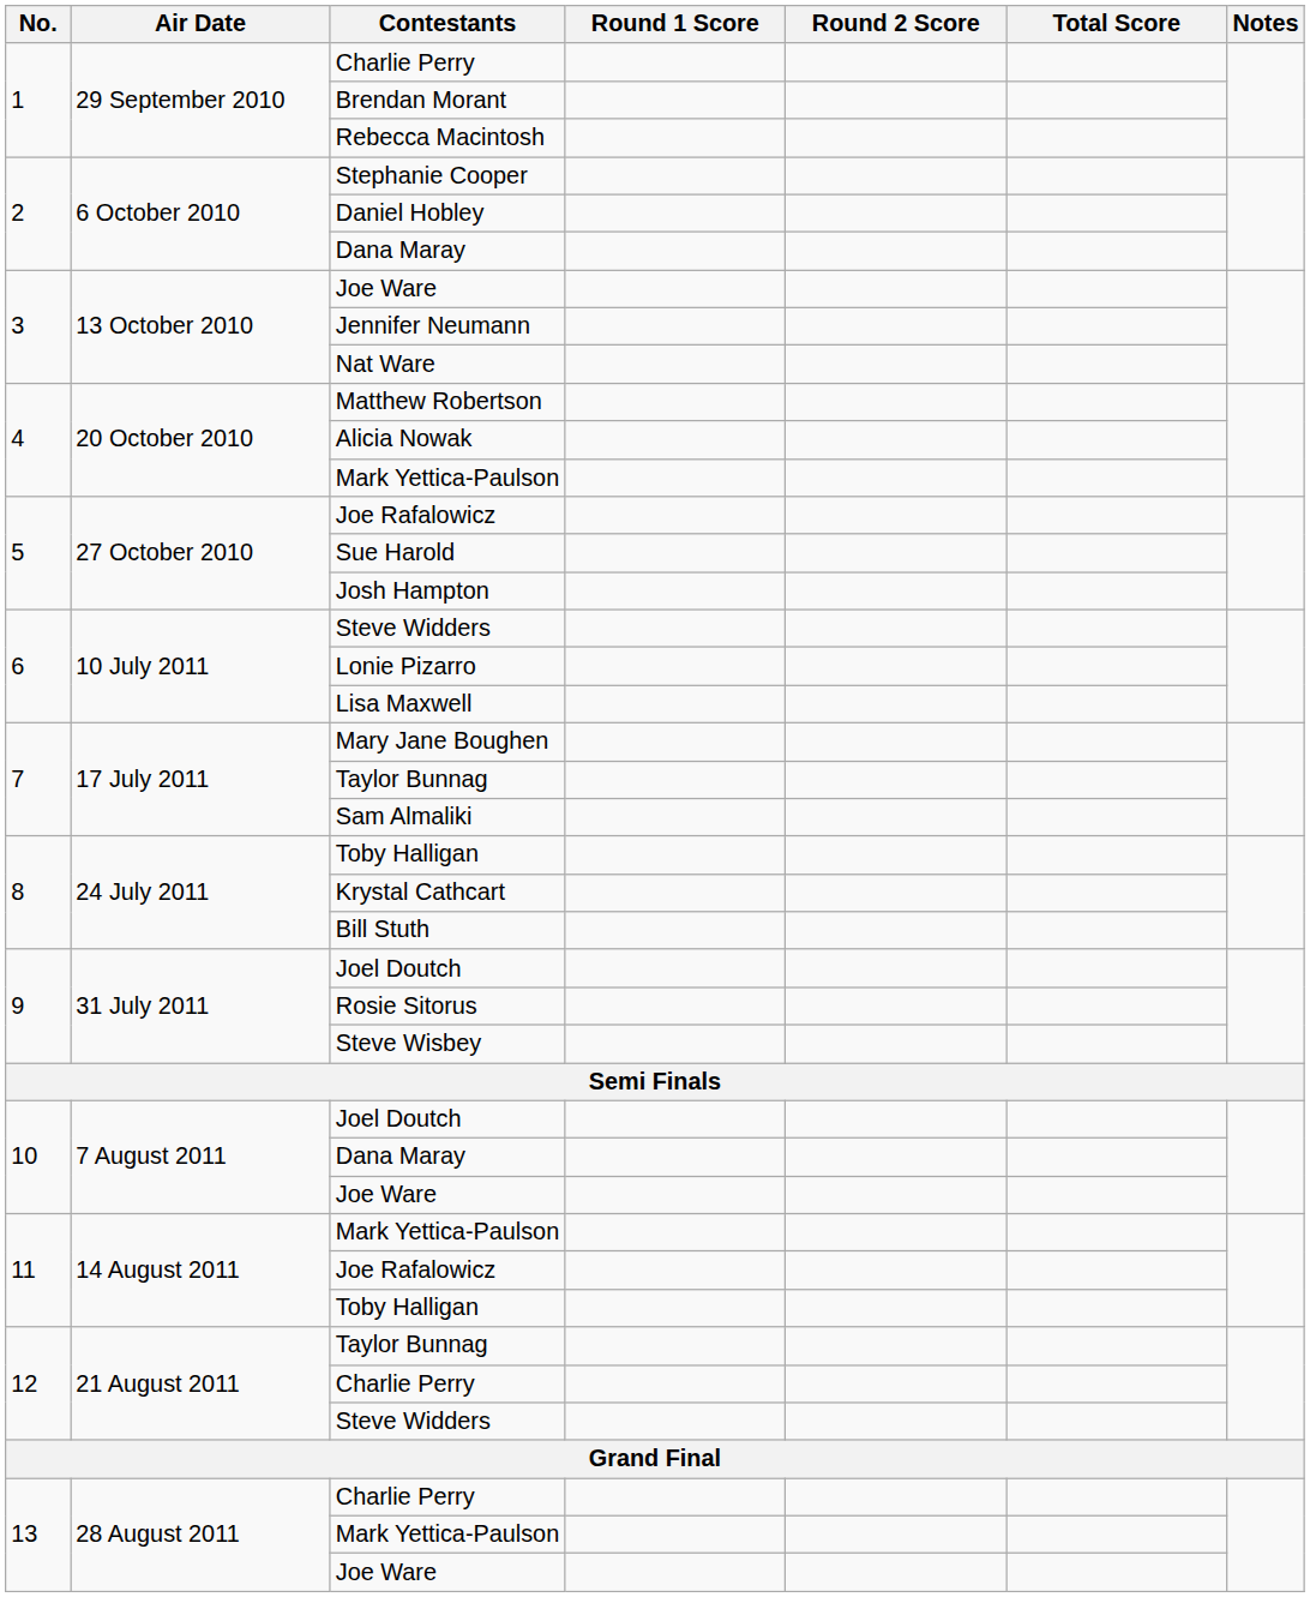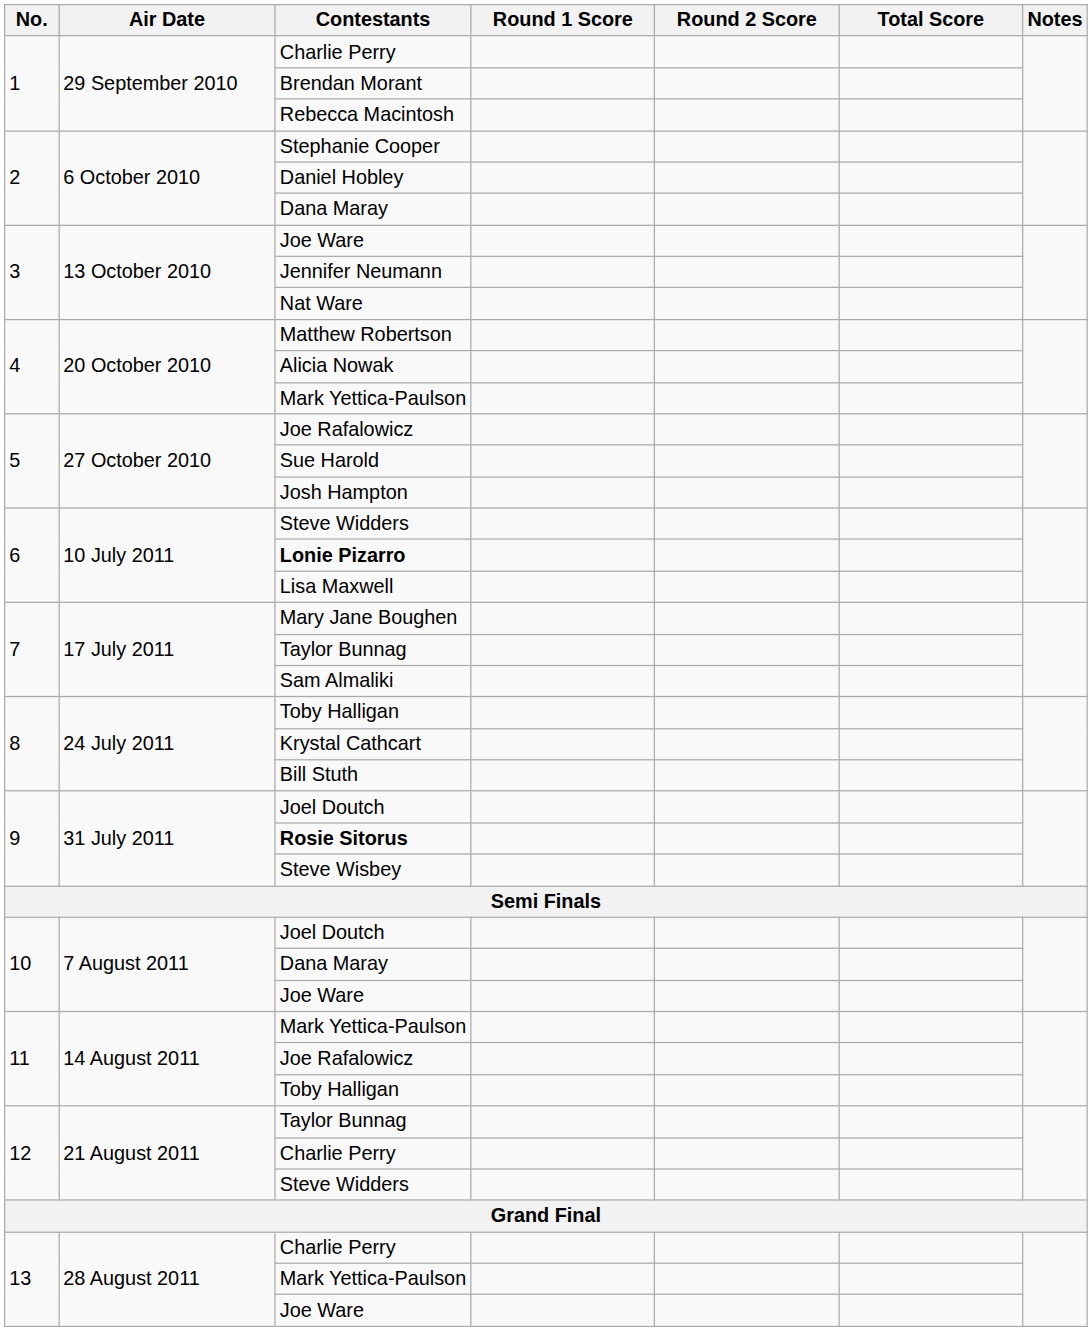 <table class="wikitable">
 <tr>
 <th width="5%">No.</th>
 <th width="20%">Air Date</th>
 <th>Contestants</th>
 <th width="17%">Round 1 Score</th>
 <th width="17%">Round 2 Score</th>
 <th width="17%">Total Score</th>
 <th width="2px">Notes</th>
 </tr>
 <tr>
 <td rowspan="3">1</td>
 <td rowspan="3">29 September 2010</td>
 <td>Charlie Perry</td>
 <td></td>
 <td></td>
 <td></td>
 <td rowspan="3"></td>
 </tr>
 <tr>
 <td>Brendan Morant</td>
 <td></td>
 <td></td>
 <td></td>
 </tr>
 <tr>
 <td>Rebecca Macintosh</td>
 <td></td>
 <td></td>
 <td></td>
 </tr>
 <tr>
 <td rowspan="3">2</td>
 <td rowspan="3">6 October 2010</td>
 <td>Stephanie Cooper</td>
 <td></td>
 <td></td>
 <td></td>
 <td rowspan="3"></td>
 </tr>
 <tr>
 <td>Daniel Hobley</td>
 <td></td>
 <td></td>
 <td></td>
 </tr>
 <tr>
 <td>Dana Maray</td>
 <td></td>
 <td></td>
 <td></td>
 </tr>
 <tr>
 <td rowspan="3">3</td>
 <td rowspan="3">13 October 2010</td>
 <td>Joe Ware</td>
 <td></td>
 <td></td>
 <td></td>
 <td rowspan="3"></td>
 </tr>
 <tr>
 <td>Jennifer Neumann</td>
 <td></td>
 <td></td>
 <td></td>
 </tr>
 <tr>
 <td>Nat Ware</td>
 <td></td>
 <td></td>
 <td></td>
 </tr>
 <tr>
 <td rowspan="3">4</td>
 <td rowspan="3">20 October 2010</td>
 <td>Matthew Robertson</td>
 <td></td>
 <td></td>
 <td></td>
 <td rowspan="3"></td>
 </tr>
 <tr>
 <td>Alicia Nowak</td>
 <td></td>
 <td></td>
 <td></td>
 </tr>
 <tr>
 <td>Mark Yettica-Paulson</td>
 <td></td>
 <td></td>
 <td></td>
 </tr>
 <tr>
 <td rowspan="3">5</td>
 <td rowspan="3">27 October 2010</td>
 <td>Joe Rafalowicz</td>
 <td></td>
 <td></td>
 <td></td>
 <td rowspan="3"></td>
 </tr>
 <tr>
 <td>Sue Harold</td>
 <td></td>
 <td></td>
 <td></td>
 </tr>
 <tr>
 <td>Josh Hampton</td>
 <td></td>
 <td></td>
 <td></td>
 </tr>
 <tr>
 <td rowspan="3">6</td>
 <td rowspan="3">10 July 2011</td>
 <td>Steve Widders</td>
 <td></td>
 <td></td>
 <td></td>
 <td rowspan="3"></td>
 </tr>
 <tr>
-<td>Lonie Pizarro</td>
+<td><strong>Lonie Pizarro</strong></td>
 <td></td>
 <td></td>
 <td></td>
 </tr>
 <tr>
 <td>Lisa Maxwell</td>
 <td></td>
 <td></td>
 <td></td>
 </tr>
 <tr>
 <td rowspan="3">7</td>
 <td rowspan="3">17 July 2011</td>
 <td>Mary Jane Boughen</td>
 <td></td>
 <td></td>
 <td></td>
 <td rowspan="3"></td>
 </tr>
 <tr>
 <td>Taylor Bunnag</td>
 <td></td>
 <td></td>
 <td></td>
 </tr>
 <tr>
 <td>Sam Almaliki</td>
 <td></td>
 <td></td>
 <td></td>
 </tr>
 <tr>
 <td rowspan="3">8</td>
 <td rowspan="3">24 July 2011</td>
 <td>Toby Halligan</td>
 <td></td>
 <td></td>
 <td></td>
 <td rowspan="3"></td>
 </tr>
 <tr>
 <td>Krystal Cathcart</td>
 <td></td>
 <td></td>
 <td></td>
 </tr>
 <tr>
 <td>Bill Stuth</td>
 <td></td>
 <td></td>
 <td></td>
 </tr>
 <tr>
 <td rowspan="3">9</td>
 <td rowspan="3">31 July 2011</td>
 <td>Joel Doutch</td>
 <td></td>
 <td></td>
 <td></td>
 <td rowspan="3"></td>
 </tr>
 <tr>
-<td>Rosie Sitorus</td>
+<td><strong>Rosie Sitorus</strong></td>
 <td></td>
 <td></td>
 <td></td>
 </tr>
 <tr>
 <td>Steve Wisbey</td>
 <td></td>
 <td></td>
 <td></td>
 </tr>
 <tr>
 <th colspan="7">Semi Finals</th>
 </tr>
 <tr>
 <td rowspan="3">10</td>
 <td rowspan="3">7 August 2011</td>
 <td>Joel Doutch</td>
 <td></td>
 <td></td>
 <td></td>
 <td rowspan="3"></td>
 </tr>
 <tr>
 <td>Dana Maray</td>
 <td></td>
 <td></td>
 <td></td>
 </tr>
 <tr>
 <td>Joe Ware</td>
 <td></td>
 <td></td>
 <td></td>
 </tr>
 <tr>
 <td rowspan="3">11</td>
 <td rowspan="3">14 August 2011</td>
 <td>Mark Yettica-Paulson</td>
 <td></td>
 <td></td>
 <td></td>
 <td rowspan="3"></td>
 </tr>
 <tr>
 <td>Joe Rafalowicz</td>
 <td></td>
 <td></td>
 <td></td>
 </tr>
 <tr>
 <td>Toby Halligan</td>
 <td></td>
 <td></td>
 <td></td>
 </tr>
 <tr>
 <td rowspan="3">12</td>
 <td rowspan="3">21 August 2011</td>
 <td>Taylor Bunnag</td>
 <td></td>
 <td></td>
 <td></td>
 <td rowspan="3"><br></td>
 </tr>
 <tr>
 <td>Charlie Perry</td>
 <td></td>
 <td></td>
 <td></td>
 </tr>
 <tr>
 <td>Steve Widders</td>
 <td></td>
 <td></td>
 <td></td>
 </tr>
 <tr>
 <th colspan="7">Grand Final</th>
 </tr>
 <tr>
 <td rowspan="3">13</td>
 <td rowspan="3">28 August 2011</td>
 <td>Charlie Perry</td>
 <td></td>
 <td></td>
 <td></td>
 <td rowspan="3"></td>
 </tr>
 <tr>
 <td>Mark Yettica-Paulson</td>
 <td></td>
 <td></td>
 <td></td>
 </tr>
 <tr>
 <td>Joe Ware</td>
 <td></td>
 <td></td>
 <td></td>
 </tr>
 </table>
